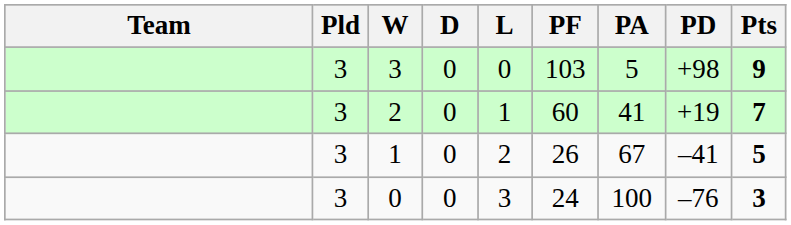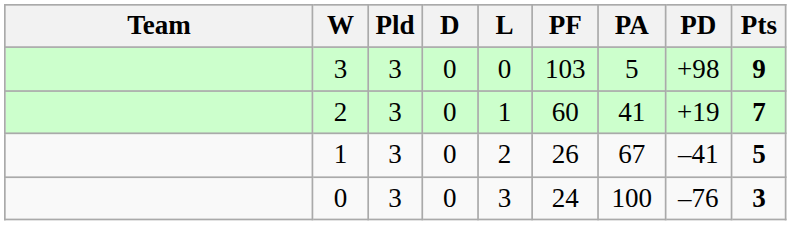 <table class="wikitable" style="text-align:center;">
 <tr>
 <th width=175>Team</th>
+<th width=25 abbr="Won">W</th>
 <th width=25 abbr="Played">Pld</th>
-<th width=25 abbr="Won">W</th>
 <th width=25 abbr="Drawn">D</th>
 <th width=25 abbr="Lost">L</th>
 <th width=32 abbr="Points for">PF</th>
 <th width=32 abbr="Points against">PA</th>
 <th width=32 abbr="Points difference">PD</th>
 <th width=25 abbr="Points">Pts</th>
 </tr>
 <tr bgcolor=ccffcc>
 <td align=left></td>
 <td>3</td>
 <td>3</td>
 <td>0</td>
 <td>0</td>
 <td>103</td>
 <td>5</td>
 <td>+98</td>
 <td><strong>9</strong></td>
 </tr>
 <tr bgcolor=ccffcc>
 <td align=left></td>
+<td>2</td>
 <td>3</td>
-<td>2</td>
 <td>0</td>
 <td>1</td>
 <td>60</td>
 <td>41</td>
 <td>+19</td>
 <td><strong>7</strong></td>
 </tr>
 <tr>
 <td align=left></td>
+<td>1</td>
 <td>3</td>
-<td>1</td>
 <td>0</td>
 <td>2</td>
 <td>26</td>
 <td>67</td>
 <td>–41</td>
 <td><strong>5</strong></td>
 </tr>
 <tr>
 <td align=left></td>
+<td>0</td>
 <td>3</td>
-<td>0</td>
 <td>0</td>
 <td>3</td>
 <td>24</td>
 <td>100</td>
 <td>–76</td>
 <td><strong>3</strong></td>
 </tr>
 </table>
